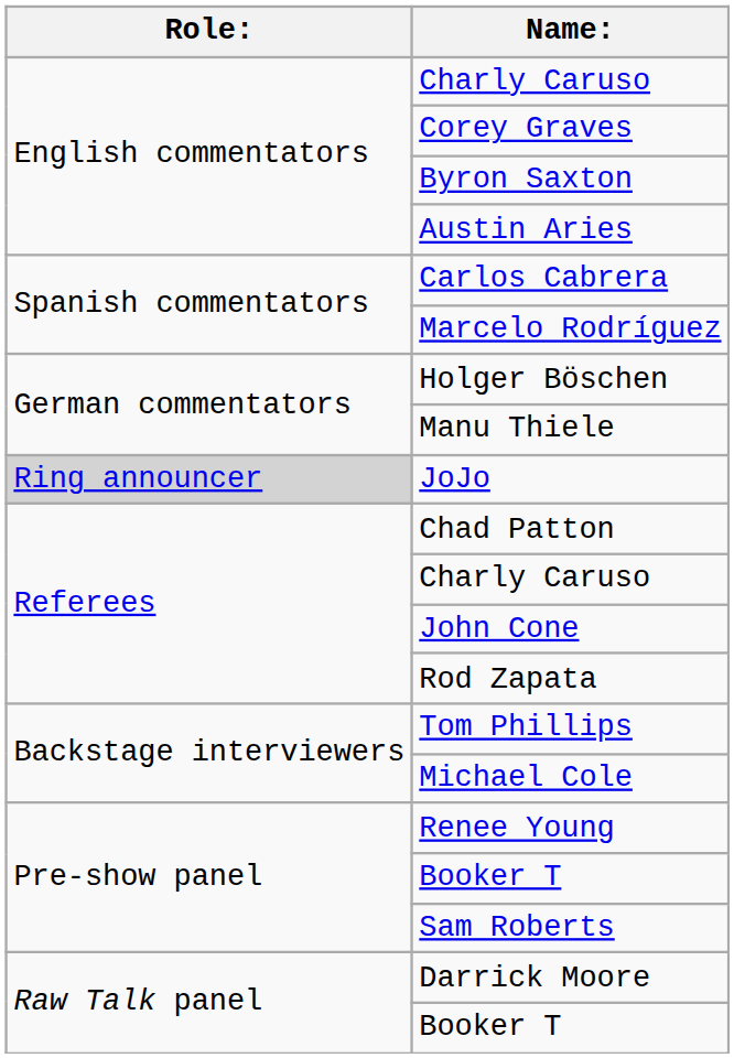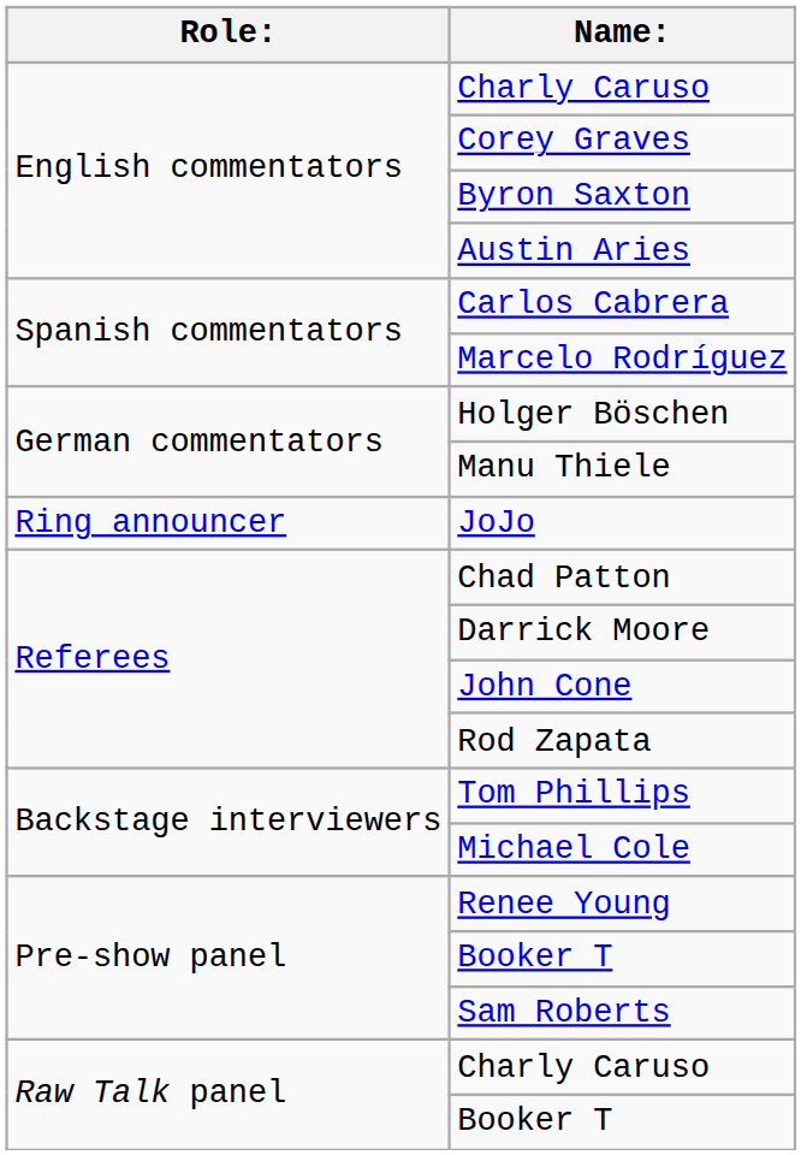 <table class=wikitable style="font-size:90%; margin: 0.5em 0 0.5em 1em; float: right; clear: right;">
 <tr>
 <th>Role:</th>
 <th>Name:</th>
 </tr>
 <tr>
 <td rowspan=4>English commentators</td>
 <td><a href='#'>Charly Caruso</a></td>
 </tr>
 <tr>
 <td><a href='#'>Corey Graves</a></td>
 </tr>
 <tr>
 <td><a href='#'>Byron Saxton</a></td>
 </tr>
 <tr>
 <td><a href='#'>Austin Aries</a> </td>
 </tr>
 <tr>
 <td rowspan=2>Spanish commentators</td>
 <td><a href='#'>Carlos Cabrera</a></td>
 </tr>
 <tr>
 <td><a href='#'>Marcelo Rodríguez</a></td>
 </tr>
 <tr>
 <td rowspan=2>German commentators</td>
 <td>Holger Böschen</td>
 </tr>
 <tr>
 <td>Manu Thiele</td>
 </tr>
 <tr>
-<td rowspan=1 style="background: lightgrey;"><a href='#'>Ring announcer</a></td>
+<td rowspan=1><a href='#'>Ring announcer</a></td>
 <td><a href='#'>JoJo</a></td>
 </tr>
 <tr>
 <td rowspan=4><a href='#'>Referees</a></td>
 <td>Chad Patton</td>
 </tr>
 <tr>
-<td>Charly Caruso</td>
+<td>Darrick Moore</td>
 </tr>
 <tr>
 <td><a href='#'>John Cone</a></td>
 </tr>
 <tr>
 <td>Rod Zapata</td>
 </tr>
 <tr>
 <td rowspan=2>Backstage interviewers</td>
 <td><a href='#'>Tom Phillips</a></td>
 </tr>
 <tr>
 <td><a href='#'>Michael Cole</a></td>
 </tr>
 <tr>
 <td rowspan=3>Pre-show panel</td>
 <td><a href='#'>Renee Young</a></td>
 </tr>
 <tr>
 <td><a href='#'>Booker T</a></td>
 </tr>
 <tr>
 <td><a href='#'>Sam Roberts</a></td>
 </tr>
 <tr>
 <td rowspan=2><em>Raw Talk</em> panel</td>
-<td>Darrick Moore</td>
+<td>Charly Caruso</td>
 </tr>
 <tr>
 <td>Booker T</td>
 </tr>
 </table>
